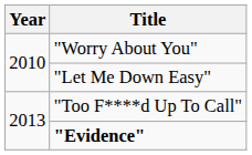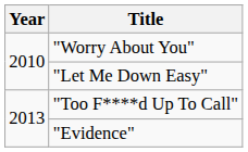 <table class="wikitable">
 <tr>
 <th>Year</th>
 <th>Title</th>
 </tr>
 <tr>
 <td rowspan="2">2010</td>
 <td>"Worry About You"</td>
 </tr>
 <tr>
 <td>"Let Me Down Easy"</td>
 </tr>
 <tr>
 <td rowspan="2">2013</td>
 <td>"Too F****d Up To Call"</td>
 </tr>
 <tr>
-<td><strong>"Evidence"</strong></td>
+<td>"Evidence"</td>
 </tr>
 </table>
